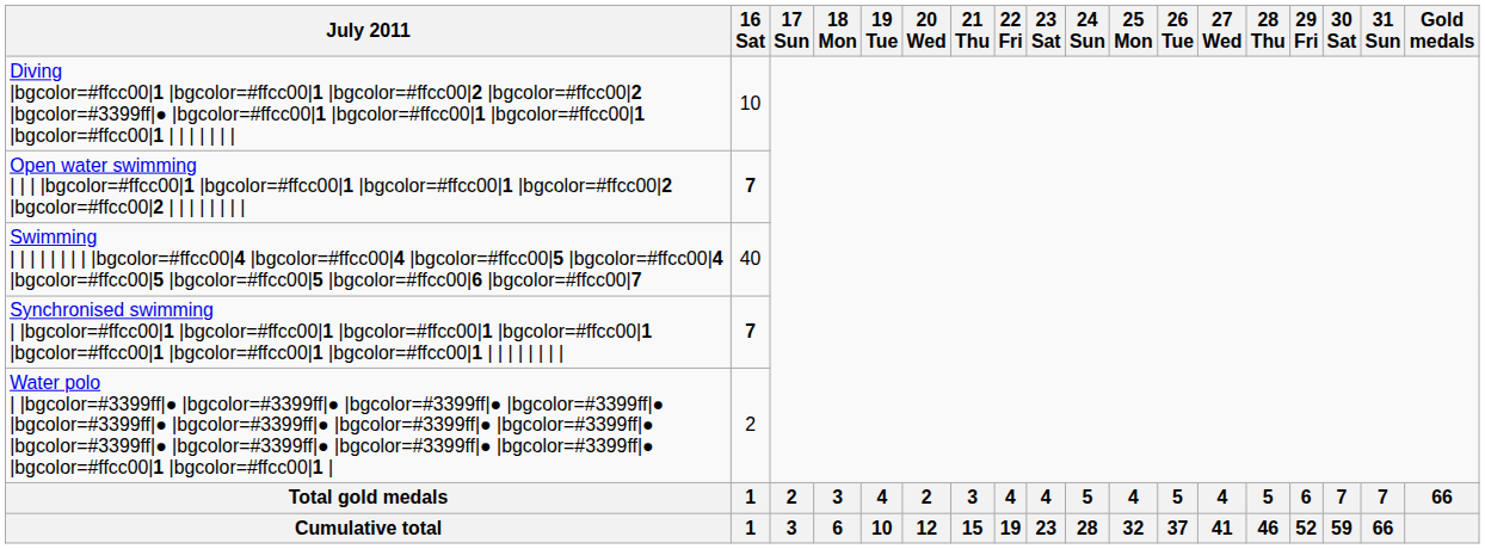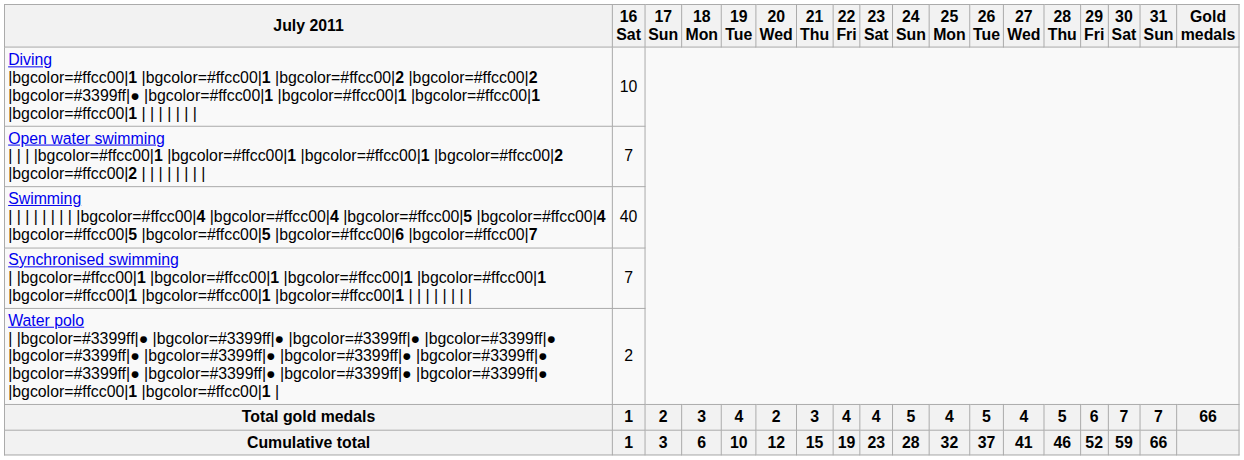 <table class="wikitable">
 <tr>
 <th>July 2011</th>
 <th>16<br>Sat</th>
 <th>17<br>Sun</th>
 <th>18<br>Mon</th>
 <th>19<br>Tue</th>
 <th>20<br>Wed</th>
 <th>21<br>Thu</th>
 <th>22<br>Fri</th>
 <th>23<br>Sat</th>
 <th>24<br>Sun</th>
 <th>25<br>Mon</th>
 <th>26<br>Tue</th>
 <th>27<br>Wed</th>
 <th>28<br>Thu</th>
 <th>29<br>Fri</th>
 <th>30<br>Sat</th>
 <th>31<br>Sun</th>
 <th>Gold<br>medals</th>
 </tr>
 <tr align="center">
 <td align="left"> <a href='#'>Diving</a><br>|bgcolor=#ffcc00|<strong>1</strong> |bgcolor=#ffcc00|<strong>1</strong> |bgcolor=#ffcc00|<strong>2</strong> |bgcolor=#ffcc00|<strong>2</strong> |bgcolor=#3399ff|● |bgcolor=#ffcc00|<strong>1</strong> |bgcolor=#ffcc00|<strong>1</strong> |bgcolor=#ffcc00|<strong>1</strong> |bgcolor=#ffcc00|<strong>1</strong> | | | | | | |</td>
 <td>10</td>
 </tr>
 <tr align="center">
 <td align="left"> <a href='#'>Open water swimming</a><br>| | | |bgcolor=#ffcc00|<strong>1</strong> |bgcolor=#ffcc00|<strong>1</strong> |bgcolor=#ffcc00|<strong>1</strong> |bgcolor=#ffcc00|<strong>2</strong> |bgcolor=#ffcc00|<strong>2</strong> | | | | | | | |</td>
-<td><strong>7</strong></td>
+<td>7</td>
 </tr>
 <tr align="center">
 <td align="left"> <a href='#'>Swimming</a><br>| | | | | | | | |bgcolor=#ffcc00|<strong>4</strong> |bgcolor=#ffcc00|<strong>4</strong> |bgcolor=#ffcc00|<strong>5</strong> |bgcolor=#ffcc00|<strong>4</strong> |bgcolor=#ffcc00|<strong>5</strong> |bgcolor=#ffcc00|<strong>5</strong> |bgcolor=#ffcc00|<strong>6</strong> |bgcolor=#ffcc00|<strong>7</strong></td>
 <td>40</td>
 </tr>
 <tr align="center">
 <td align="left"> <a href='#'>Synchronised swimming</a><br>| |bgcolor=#ffcc00|<strong>1</strong> |bgcolor=#ffcc00|<strong>1</strong> |bgcolor=#ffcc00|<strong>1</strong> |bgcolor=#ffcc00|<strong>1</strong> |bgcolor=#ffcc00|<strong>1</strong> |bgcolor=#ffcc00|<strong>1</strong> |bgcolor=#ffcc00|<strong>1</strong> | | | | | | | |</td>
-<td><strong>7</strong></td>
+<td>7</td>
 </tr>
 <tr align="center">
 <td align="left"> <a href='#'>Water polo</a><br>| |bgcolor=#3399ff|● |bgcolor=#3399ff|● |bgcolor=#3399ff|● |bgcolor=#3399ff|● |bgcolor=#3399ff|● |bgcolor=#3399ff|● |bgcolor=#3399ff|● |bgcolor=#3399ff|● |bgcolor=#3399ff|● |bgcolor=#3399ff|● |bgcolor=#3399ff|● |bgcolor=#3399ff|● |bgcolor=#ffcc00|<strong>1</strong> |bgcolor=#ffcc00|<strong>1</strong> |</td>
 <td>2</td>
 </tr>
 <tr>
 <th>Total gold medals</th>
 <th>1</th>
 <th>2</th>
 <th>3</th>
 <th>4</th>
 <th>2</th>
 <th>3</th>
 <th>4</th>
 <th>4</th>
 <th>5</th>
 <th>4</th>
 <th>5</th>
 <th>4</th>
 <th>5</th>
 <th>6</th>
 <th>7</th>
 <th>7</th>
 <th>66</th>
 </tr>
 <tr>
 <th>Cumulative total</th>
 <th>1</th>
 <th>3</th>
 <th>6</th>
 <th>10</th>
 <th>12</th>
 <th>15</th>
 <th>19</th>
 <th>23</th>
 <th>28</th>
 <th>32</th>
 <th>37</th>
 <th>41</th>
 <th>46</th>
 <th>52</th>
 <th>59</th>
 <th>66</th>
 <th></th>
 </tr>
 </table>
